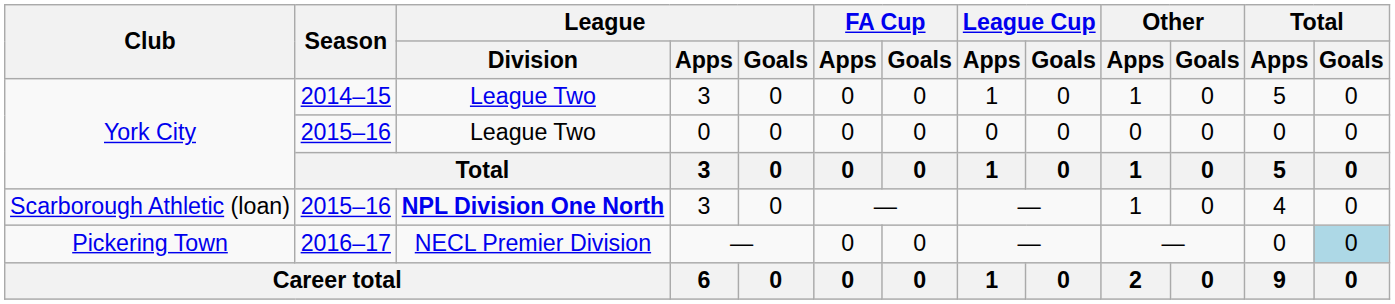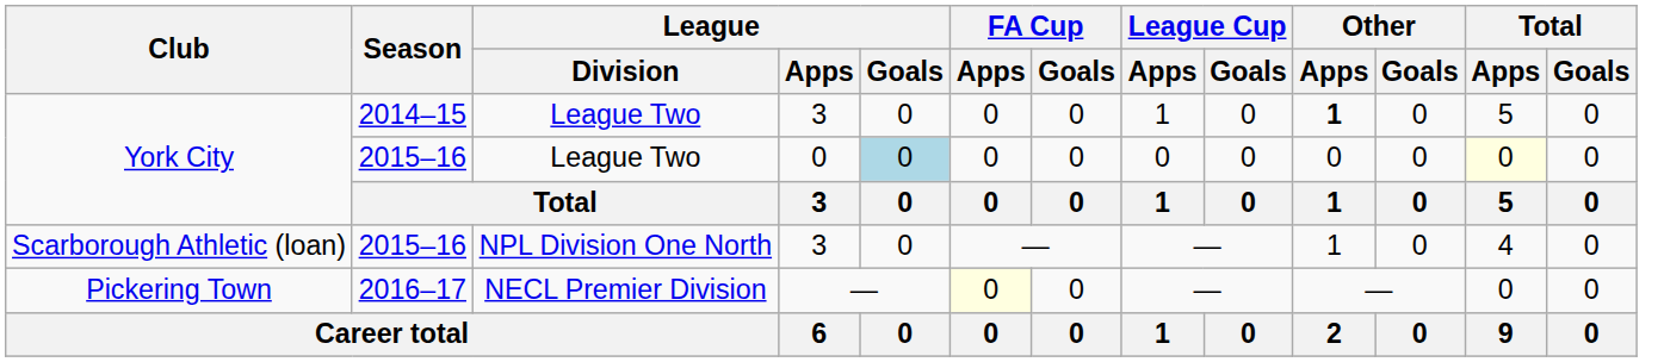 <table class=wikitable style="text-align: center;">
 <tr>
 <th rowspan=2>Club</th>
 <th rowspan=2>Season</th>
 <th colspan=3>League</th>
 <th colspan=2><a href='#'>FA Cup</a></th>
 <th colspan=2><a href='#'>League Cup</a></th>
 <th colspan=2>Other</th>
 <th colspan=2>Total</th>
 </tr>
 <tr>
 <th>Division</th>
 <th>Apps</th>
 <th>Goals</th>
 <th>Apps</th>
 <th>Goals</th>
 <th>Apps</th>
 <th>Goals</th>
 <th>Apps</th>
 <th>Goals</th>
 <th>Apps</th>
 <th>Goals</th>
 </tr>
 <tr>
 <td rowspan=3><a href='#'>York City</a></td>
 <td><a href='#'>2014–15</a></td>
 <td><a href='#'>League Two</a></td>
 <td>3</td>
 <td>0</td>
 <td>0</td>
 <td>0</td>
 <td>1</td>
 <td>0</td>
-<td>1</td>
+<td><strong>1</strong></td>
 <td>0</td>
 <td>5</td>
 <td>0</td>
 </tr>
 <tr>
 <td><a href='#'>2015–16</a></td>
 <td>League Two</td>
 <td>0</td>
+<td style="background: lightblue;">0</td>
 <td>0</td>
 <td>0</td>
 <td>0</td>
 <td>0</td>
 <td>0</td>
 <td>0</td>
-<td>0</td>
-<td>0</td>
+<td style="background: lightyellow;">0</td>
 <td>0</td>
 </tr>
 <tr>
 <th colspan=2>Total</th>
 <th>3</th>
 <th>0</th>
 <th>0</th>
 <th>0</th>
 <th>1</th>
 <th>0</th>
 <th>1</th>
 <th>0</th>
 <th>5</th>
 <th>0</th>
 </tr>
 <tr>
 <td><a href='#'>Scarborough Athletic</a> (loan)</td>
 <td><a href='#'>2015–16</a></td>
-<td><strong><a href='#'>NPL Division One North</a></strong></td>
+<td><a href='#'>NPL Division One North</a></td>
 <td>3</td>
 <td>0</td>
 <td colspan=2>—</td>
 <td colspan=2>—</td>
 <td>1</td>
 <td>0</td>
 <td>4</td>
 <td>0</td>
 </tr>
 <tr>
 <td><a href='#'>Pickering Town</a></td>
 <td><a href='#'>2016–17</a></td>
 <td><a href='#'>NECL Premier Division</a></td>
 <td colspan=2>—</td>
-<td>0</td>
+<td style="background: lightyellow;">0</td>
 <td>0</td>
 <td colspan=2>—</td>
 <td colspan=2>—</td>
 <td>0</td>
-<td style="background: lightblue;">0</td>
+<td>0</td>
 </tr>
 <tr>
 <th colspan=3>Career total</th>
 <th>6</th>
 <th>0</th>
 <th>0</th>
 <th>0</th>
 <th>1</th>
 <th>0</th>
 <th>2</th>
 <th>0</th>
 <th>9</th>
 <th>0</th>
 </tr>
 </table>
